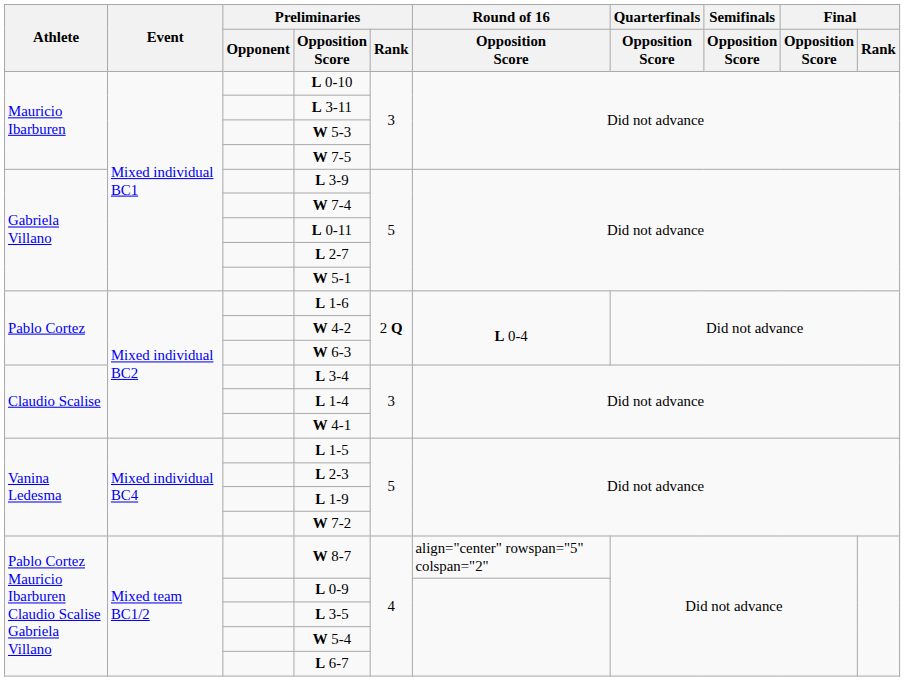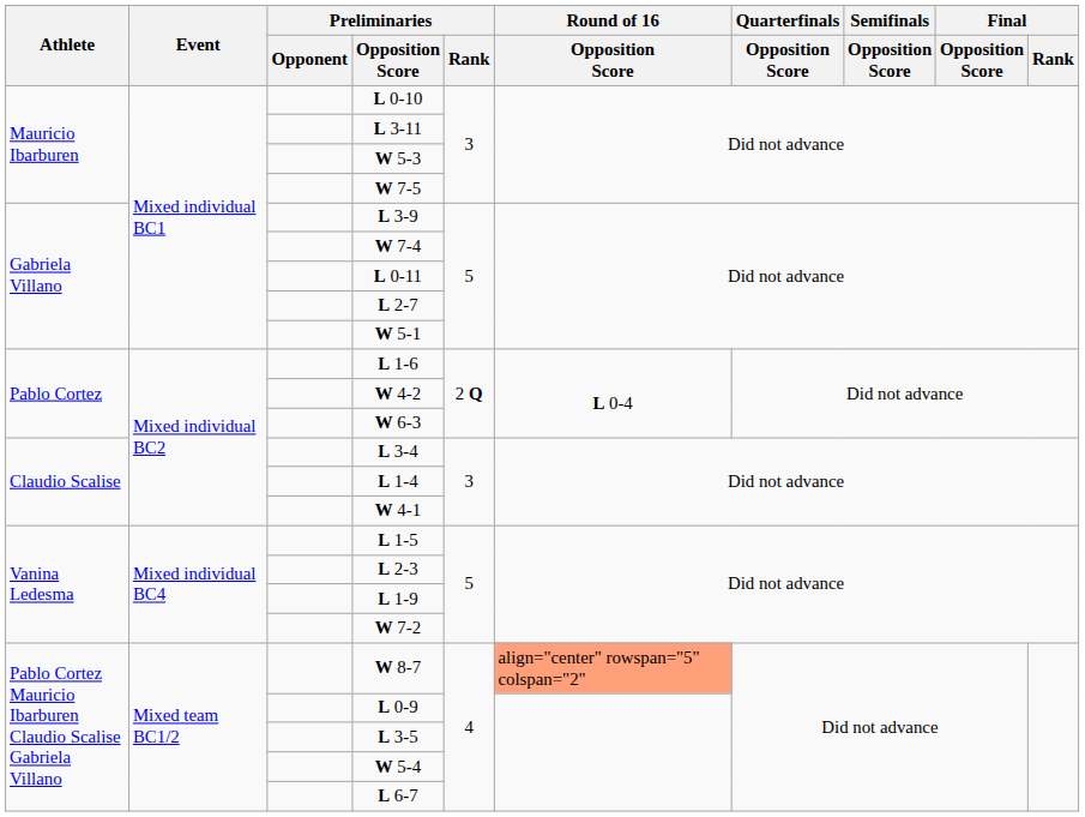 <table class=wikitable style="font-size:90%">
 <tr>
 <th rowspan="2">Athlete</th>
 <th rowspan="2">Event</th>
 <th colspan="3">Preliminaries</th>
 <th>Round of 16</th>
 <th>Quarterfinals</th>
 <th>Semifinals</th>
 <th colspan="2">Final</th>
 </tr>
 <tr>
 <th>Opponent</th>
 <th>Opposition<br>Score</th>
 <th>Rank</th>
 <th>Opposition<br>Score</th>
 <th>Opposition<br>Score</th>
 <th>Opposition<br>Score</th>
 <th>Opposition<br>Score</th>
 <th>Rank</th>
 </tr>
 <tr>
 <td rowspan="4"><a href='#'>Mauricio Ibarburen</a></td>
 <td rowspan="9"><a href='#'>Mixed individual BC1</a></td>
 <td align="left"></td>
 <td align="center"><strong>L</strong> 0-10</td>
 <td align="center" rowspan="4">3</td>
 <td align="center" rowspan="4" colspan="5">Did not advance</td>
 </tr>
 <tr>
 <td align="left"></td>
 <td align="center"><strong>L</strong> 3-11</td>
 </tr>
 <tr>
 <td align="left"></td>
 <td align="center"><strong>W</strong> 5-3</td>
 </tr>
 <tr>
 <td align="left"></td>
 <td align="center"><strong>W</strong> 7-5</td>
 </tr>
 <tr>
 <td rowspan="5"><a href='#'>Gabriela Villano</a></td>
 <td align="left"></td>
 <td align="center"><strong>L</strong> 3-9</td>
 <td align="center" rowspan="5">5</td>
 <td align="center" rowspan="5" colspan="5">Did not advance</td>
 </tr>
 <tr>
 <td align="left"></td>
 <td align="center"><strong>W</strong> 7-4</td>
 </tr>
 <tr>
 <td align="left"></td>
 <td align="center"><strong>L</strong> 0-11</td>
 </tr>
 <tr>
 <td align="left"></td>
 <td align="center"><strong>L</strong> 2-7</td>
 </tr>
 <tr>
 <td align="left"></td>
 <td align="center"><strong>W</strong> 5-1</td>
 </tr>
 <tr>
 <td rowspan="3"><a href='#'>Pablo Cortez</a></td>
 <td rowspan="6"><a href='#'>Mixed individual BC2</a></td>
 <td align="left"></td>
 <td align="center"><strong>L</strong> 1-6</td>
 <td align="center" rowspan="3">2 <strong>Q</strong></td>
 <td align="center" rowspan="3"><br> <strong>L</strong> 0-4</td>
 <td align="center" rowspan="3" colspan="4">Did not advance</td>
 </tr>
 <tr>
 <td align="left"></td>
 <td align="center"><strong>W</strong> 4-2</td>
 </tr>
 <tr>
 <td align="left"></td>
 <td align="center"><strong>W</strong> 6-3</td>
 </tr>
 <tr>
 <td rowspan="3"><a href='#'>Claudio Scalise</a></td>
 <td align="left"></td>
 <td align="center"><strong>L</strong> 3-4</td>
 <td align="center" rowspan="3">3</td>
 <td align="center" rowspan="3" colspan="5">Did not advance</td>
 </tr>
 <tr>
 <td align="left"></td>
 <td align="center"><strong>L</strong> 1-4</td>
 </tr>
 <tr>
 <td align="left"></td>
 <td align="center"><strong>W</strong> 4-1</td>
 </tr>
 <tr>
 <td rowspan="4"><a href='#'>Vanina Ledesma</a></td>
 <td rowspan="4"><a href='#'>Mixed individual BC4</a></td>
 <td align="left"></td>
 <td align="center"><strong>L</strong> 1-5</td>
 <td align="center" rowspan="4">5</td>
 <td align="center" rowspan="4" colspan="5">Did not advance</td>
 </tr>
 <tr>
 <td align="left"></td>
 <td align="center"><strong>L</strong> 2-3</td>
 </tr>
 <tr>
 <td align="left"></td>
 <td align="center"><strong>L</strong> 1-9</td>
 </tr>
 <tr>
 <td align="left"></td>
 <td align="center"><strong>W</strong> 7-2</td>
 </tr>
 <tr>
 <td rowspan="5"><a href='#'>Pablo Cortez</a><br> <a href='#'>Mauricio Ibarburen</a><br> <a href='#'>Claudio Scalise</a><br> <a href='#'>Gabriela Villano</a></td>
 <td rowspan="5"><a href='#'>Mixed team BC1/2</a></td>
 <td align="left"></td>
 <td align="center"><strong>W</strong> 8-7</td>
 <td align="center" rowspan="5">4</td>
-<td>align="center" rowspan="5" colspan="2" </td>
+<td style="background: lightsalmon;">align="center" rowspan="5" colspan="2" </td>
 <td align="center" rowspan="5" colspan="3">Did not advance</td>
 </tr>
 <tr>
 <td align="left"></td>
 <td align="center"><strong>L</strong> 0-9</td>
 </tr>
 <tr>
 <td align="left"></td>
 <td align="center"><strong>L</strong> 3-5</td>
 </tr>
 <tr>
 <td align="left"></td>
 <td align="center"><strong>W</strong> 5-4</td>
 </tr>
 <tr>
 <td align="left"></td>
 <td align="center"><strong>L</strong> 6-7</td>
 </tr>
 </table>
